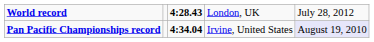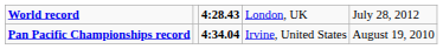 <table class="wikitable">
 <tr>
 <td><strong><a href='#'>World record</a></strong></td>
 <td></td>
 <td><strong>4:28.43</strong></td>
 <td><a href='#'>London</a>, UK</td>
 <td>July 28, 2012</td>
 </tr>
 <tr>
 <td><strong><a href='#'>Pan Pacific Championships record</a></strong></td>
 <td></td>
 <td><strong>4:34.04</strong></td>
 <td><a href='#'>Irvine</a>, United States</td>
-<td style="background: lavender;">August 19, 2010</td>
+<td>August 19, 2010</td>
 </tr>
 </table>
